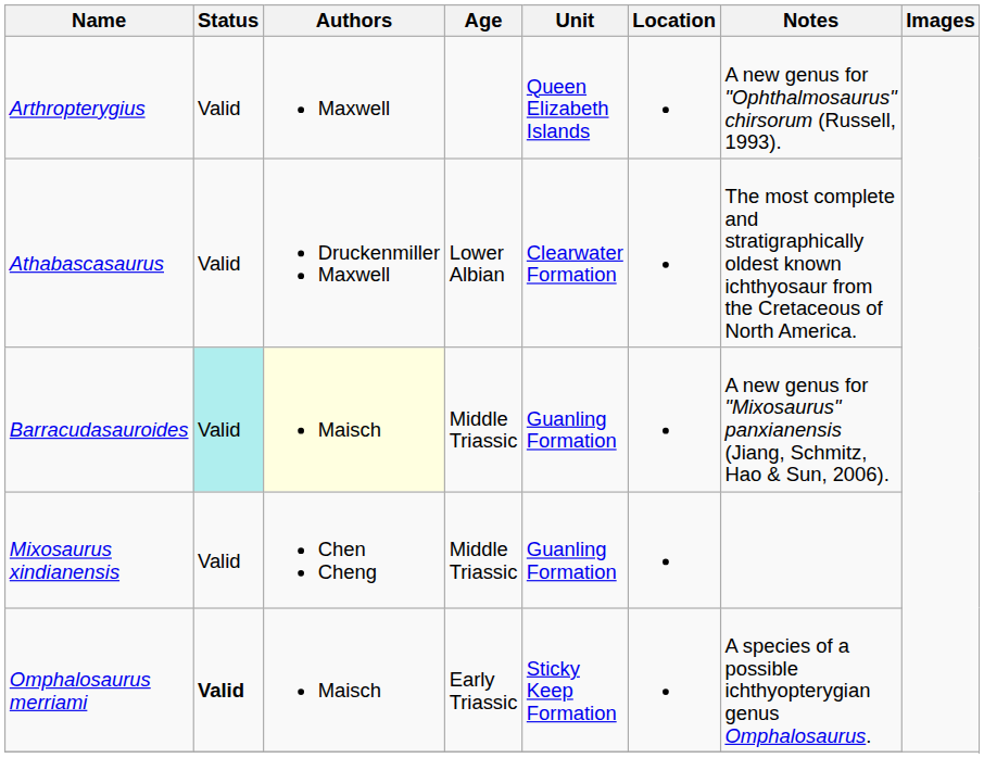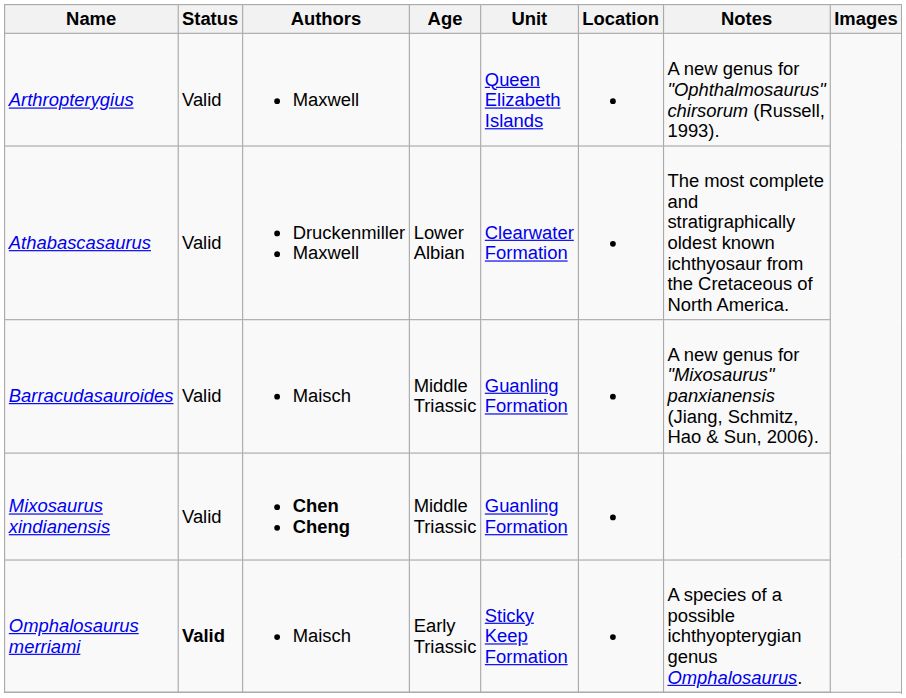 <table class="wikitable sortable" align="center" width="100%">
 <tr>
 <th>Name</th>
 <th>Status</th>
 <th>Authors</th>
 <th>Age</th>
 <th>Unit</th>
 <th>Location</th>
 <th width="33%" class="unsortable">Notes</th>
 <th>Images</th>
 </tr>
 <tr>
 <td><br><em><a href='#'>Arthropterygius</a></em></td>
 <td><br>Valid</td>
 <td><br><ul><li>Maxwell</li></ul></td>
 <td></td>
 <td><br><a href='#'>Queen Elizabeth Islands</a></td>
 <td><br><ul><li></li></ul></td>
 <td><br>A new genus for <em>"Ophthalmosaurus" chirsorum</em> (Russell, 1993).</td>
 <td rowspan="99"></td>
 </tr>
 <tr>
 <td><br><em><a href='#'>Athabascasaurus</a></em></td>
 <td><br>Valid</td>
 <td><br><ul><li>Druckenmiller</li><li>Maxwell</li></ul></td>
 <td><br>Lower Albian</td>
 <td><br><a href='#'>Clearwater Formation</a></td>
 <td><br><ul><li></li></ul></td>
 <td><br>The most complete and stratigraphically oldest known ichthyosaur from the Cretaceous of North America.</td>
 </tr>
 <tr>
 <td><br><em><a href='#'>Barracudasauroides</a></em></td>
-<td style="background: paleturquoise;"><br>Valid</td>
-<td style="background: lightyellow;"><br><ul><li>Maisch</li></ul></td>
+<td><br>Valid</td>
+<td><br><ul><li>Maisch</li></ul></td>
 <td><br>Middle Triassic</td>
 <td><br><a href='#'>Guanling Formation</a></td>
 <td><br><ul><li></li></ul></td>
 <td><br>A new genus for <em>"Mixosaurus" panxianensis</em> (Jiang, Schmitz, Hao & Sun, 2006).</td>
 </tr>
 <tr>
 <td><br><em><a href='#'>Mixosaurus xindianensis</a></em></td>
 <td><br>Valid</td>
-<td><br><ul><li>Chen</li><li>Cheng</li></ul></td>
+<td><strong><br><ul><li>Chen</li><li>Cheng</li></ul></strong></td>
 <td><br>Middle Triassic</td>
 <td><br><a href='#'>Guanling Formation</a></td>
 <td><br><ul><li></li></ul></td>
 <td></td>
 </tr>
 <tr>
 <td><br><em><a href='#'>Omphalosaurus merriami</a></em></td>
 <td><strong><br>Valid</strong></td>
 <td><br><ul><li>Maisch</li></ul></td>
 <td><br>Early Triassic</td>
 <td><br><a href='#'>Sticky Keep Formation</a></td>
 <td><br><ul><li></li></ul></td>
 <td><br>A species of a possible ichthyopterygian genus <em><a href='#'>Omphalosaurus</a></em>.</td>
 </tr>
 <tr>
 </tr>
 </table>
